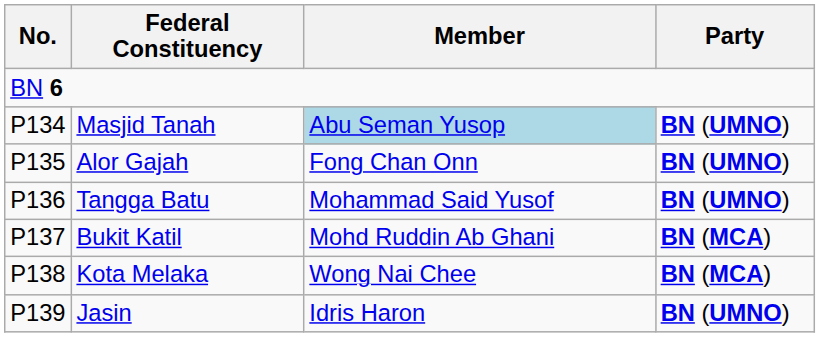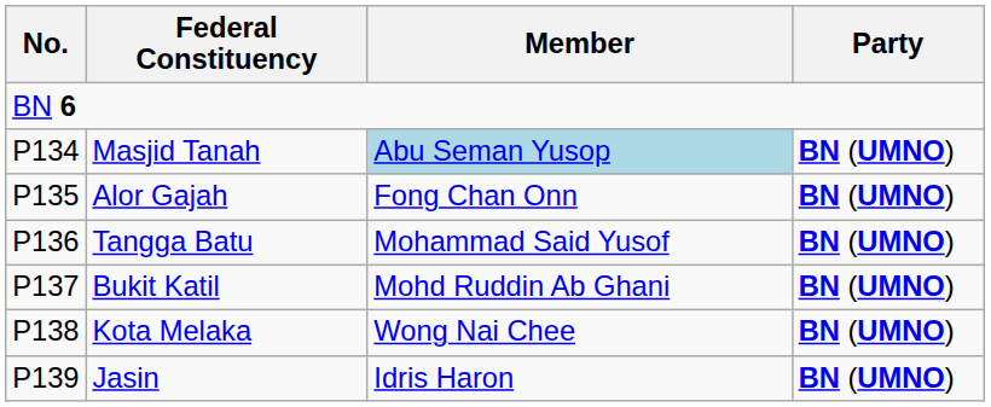 <table class="wikitable sortable">
 <tr>
 <th style="width:30px;">No.</th>
 <th style="width:150px;">Federal Constituency</th>
 <th style="width:230px;">Member</th>
 <th style="width:100px;">Party</th>
 </tr>
 <tr>
 <td colspan="4"><a href='#'>BN</a> <strong>6</strong></td>
 </tr>
 <tr>
 <td>P134</td>
 <td><a href='#'>Masjid Tanah</a></td>
 <td style="background: lightblue;"><a href='#'>Abu Seman Yusop</a></td>
 <td><strong><a href='#'>BN</a></strong> (<strong><a href='#'>UMNO</a></strong>)</td>
 </tr>
 <tr>
 <td>P135</td>
 <td><a href='#'>Alor Gajah</a></td>
 <td><a href='#'>Fong Chan Onn</a></td>
 <td><strong><a href='#'>BN</a></strong> (<strong><a href='#'>UMNO</a></strong>)</td>
 </tr>
 <tr>
 <td>P136</td>
 <td><a href='#'>Tangga Batu</a></td>
 <td><a href='#'>Mohammad Said Yusof</a></td>
 <td><strong><a href='#'>BN</a></strong> (<strong><a href='#'>UMNO</a></strong>)</td>
 </tr>
 <tr>
 <td>P137</td>
 <td><a href='#'>Bukit Katil</a></td>
 <td><a href='#'>Mohd Ruddin Ab Ghani</a></td>
-<td><strong><a href='#'>BN</a></strong> (<strong><a href='#'>MCA</a></strong>)</td>
+<td><strong><a href='#'>BN</a></strong> (<strong><a href='#'>UMNO</a></strong>)</td>
 </tr>
 <tr>
 <td>P138</td>
 <td><a href='#'>Kota Melaka</a></td>
 <td><a href='#'>Wong Nai Chee</a></td>
-<td><strong><a href='#'>BN</a></strong> (<strong><a href='#'>MCA</a></strong>)</td>
+<td><strong><a href='#'>BN</a></strong> (<strong><a href='#'>UMNO</a></strong>)</td>
 </tr>
 <tr>
 <td>P139</td>
 <td><a href='#'>Jasin</a></td>
 <td><a href='#'>Idris Haron</a></td>
 <td><strong><a href='#'>BN</a></strong> (<strong><a href='#'>UMNO</a></strong>)</td>
 </tr>
 </table>
